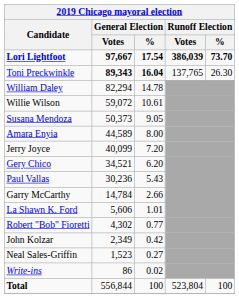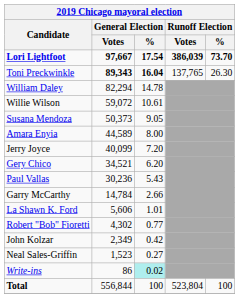 <table class=wikitable>
 <tr>
 <th colspan=5><a href='#'>2019 Chicago mayoral election</a></th>
 </tr>
 <tr>
 <th colspan=1 rowspan=2>Candidate</th>
 <th colspan=2>General Election</th>
 <th colspan=2><strong>Runoff Election</strong></th>
 </tr>
 <tr>
 <th>Votes</th>
 <th>%</th>
 <th>Votes</th>
 <th>%</th>
 </tr>
 <tr>
 <td><strong><a href='#'>Lori Lightfoot</a></strong></td>
 <td align="right"><strong>97,667</strong></td>
 <td align="right"><strong>17.54</strong></td>
 <td align="right"><strong>386,039</strong></td>
 <td align="right"><strong>73.70</strong></td>
 </tr>
 <tr>
 <td><a href='#'>Toni Preckwinkle</a></td>
 <td align="right"><strong>89,343</strong></td>
 <td align="right"><strong>16.04</strong></td>
 <td align="right">137,765</td>
 <td align="right">26.30</td>
 </tr>
 <tr>
 <td><a href='#'>William Daley</a></td>
 <td align="right">82,294</td>
 <td align="right">14.78</td>
 <td colspan=2 bgcolor=darkgray></td>
 </tr>
 <tr>
 <td>Willie Wilson</td>
 <td align="right">59,072</td>
 <td align="right">10.61</td>
 <td colspan=2 bgcolor=darkgray></td>
 </tr>
 <tr>
 <td><a href='#'>Susana Mendoza</a></td>
 <td align="right">50,373</td>
 <td align="right">9.05</td>
 <td colspan=2 bgcolor=darkgray></td>
 </tr>
 <tr>
 <td><a href='#'>Amara Enyia</a></td>
 <td align="right">44,589</td>
 <td align="right">8.00</td>
 <td colspan=2 bgcolor=darkgray></td>
 </tr>
 <tr>
 <td>Jerry Joyce</td>
 <td align="right">40,099</td>
 <td align="right">7.20</td>
 <td colspan=2 bgcolor=darkgray></td>
 </tr>
 <tr>
 <td><a href='#'>Gery Chico</a></td>
 <td align="right">34,521</td>
 <td align="right">6.20</td>
 <td colspan=2 bgcolor=darkgray></td>
 </tr>
 <tr>
 <td><a href='#'>Paul Vallas</a></td>
 <td align="right">30,236</td>
 <td align="right">5.43</td>
 <td colspan=2 bgcolor=darkgray></td>
 </tr>
 <tr>
 <td>Garry McCarthy</td>
 <td align="right">14,784</td>
 <td align="right">2.66</td>
 <td colspan=2 bgcolor=darkgray></td>
 </tr>
 <tr>
 <td><a href='#'>La Shawn K. Ford</a></td>
 <td align="right">5,606</td>
 <td align="right">1.01</td>
 <td colspan=2 bgcolor=darkgray></td>
 </tr>
 <tr>
 <td><a href='#'>Robert "Bob" Fioretti</a></td>
 <td align="right">4,302</td>
 <td align="right">0.77</td>
 <td colspan=2 bgcolor=darkgray></td>
 </tr>
 <tr>
 <td>John Kolzar</td>
 <td align="right">2,349</td>
 <td align="right">0.42</td>
 <td colspan=2 bgcolor=darkgray></td>
 </tr>
 <tr>
 <td>Neal Sales-Griffin</td>
 <td align="right">1,523</td>
 <td align="right">0.27</td>
 <td colspan=2 bgcolor=darkgray></td>
 </tr>
 <tr>
 <td><em><a href='#'>Write-ins</a></em></td>
 <td align="right">86</td>
-<td align="right">0.02</td>
+<td align="right" style="background: paleturquoise;">0.02</td>
 <td colspan=2 bgcolor=darkgray></td>
 </tr>
 <tr>
 <td><strong>Total</strong></td>
 <td align="right">556,844</td>
 <td align="right">100</td>
 <td align="right">523,804</td>
 <td align="right">100</td>
 </tr>
 <tr>
 </tr>
 </table>
